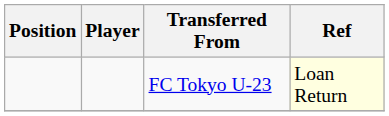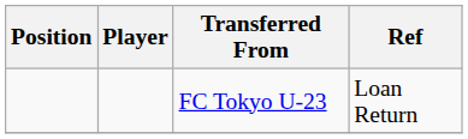 <table class="wikitable sortable" style="width:50%; text-align:center; font-size:100%; text-align:left;">
 <tr>
 <th>Position</th>
 <th>Player</th>
 <th>Transferred From</th>
 <th>Ref</th>
 </tr>
 <tr>
 <td></td>
 <td></td>
 <td> <a href='#'>FC Tokyo U-23</a></td>
-<td style="background: lightyellow;">Loan Return </td>
+<td>Loan Return </td>
 </tr>
 <tr>
 </tr>
 </table>
